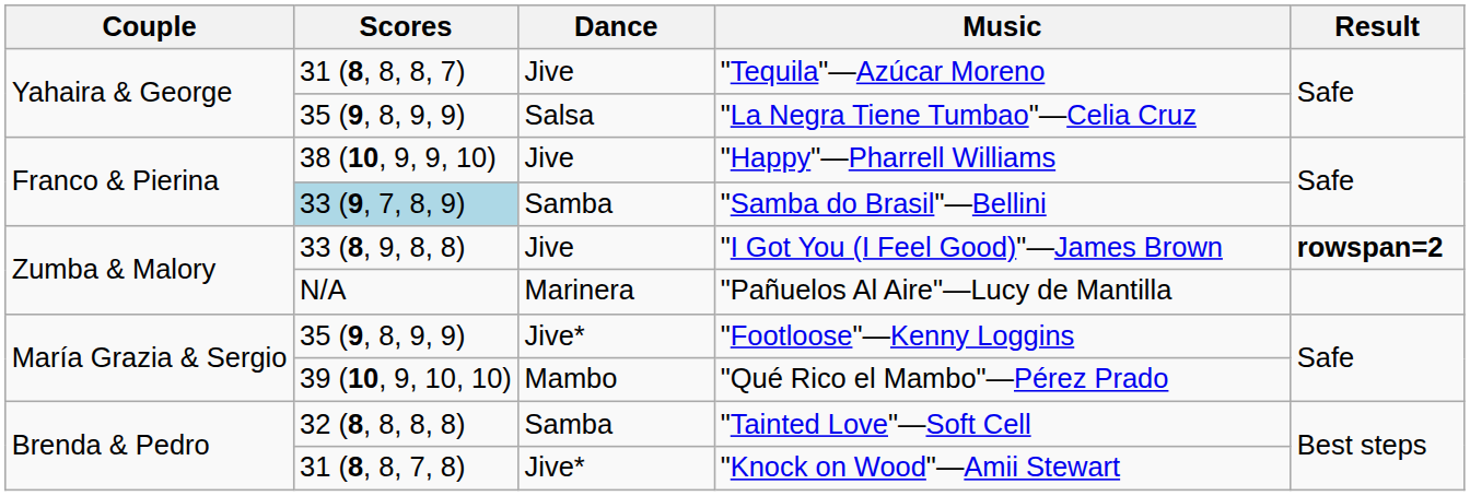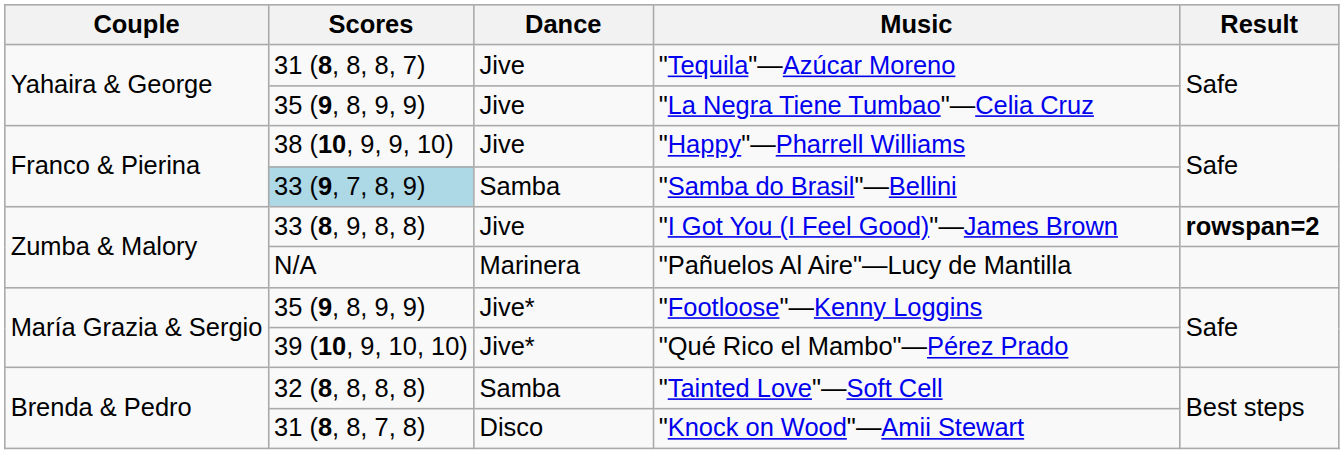 <table class="wikitable sortable" style="width:95%; white-space:nowrap">
 <tr>
 <th style="width:15%;">Couple</th>
 <th style="width:14%;">Scores</th>
 <th style="width:14%;">Dance</th>
 <th style="width:40%;">Music</th>
 <th style="width:12%;">Result</th>
 </tr>
 <tr>
 <td rowspan=2>Yahaira & George</td>
 <td>31 (<strong>8</strong>, 8, 8, 7)</td>
 <td>Jive</td>
 <td>"<a href='#'>Tequila</a>"—<a href='#'>Azúcar Moreno</a></td>
 <td rowspan=2>Safe</td>
 </tr>
 <tr>
 <td>35 (<strong>9</strong>, 8, 9, 9)</td>
-<td>Salsa</td>
+<td>Jive</td>
 <td>"<a href='#'>La Negra Tiene Tumbao</a>"—<a href='#'>Celia Cruz</a></td>
 </tr>
 <tr>
 <td rowspan=2>Franco & Pierina</td>
 <td>38 (<strong>10</strong>, 9, 9, 10)</td>
 <td>Jive</td>
 <td>"<a href='#'>Happy</a>"—<a href='#'>Pharrell Williams</a></td>
 <td rowspan=2>Safe</td>
 </tr>
 <tr>
 <td style="background: lightblue;">33 (<strong>9</strong>, 7, 8, 9)</td>
 <td>Samba</td>
 <td>"<a href='#'>Samba do Brasil</a>"—<a href='#'>Bellini</a></td>
 </tr>
 <tr>
 <td rowspan=2>Zumba & Malory</td>
 <td>33 (<strong>8</strong>, 9, 8, 8)</td>
 <td>Jive</td>
 <td>"<a href='#'>I Got You (I Feel Good)</a>"—<a href='#'>James Brown</a></td>
 <td><strong>rowspan=2 </strong></td>
 </tr>
 <tr>
 <td>N/A</td>
 <td>Marinera</td>
 <td>"Pañuelos Al Aire"—Lucy de Mantilla</td>
 </tr>
 <tr>
 <td rowspan=2>María Grazia & Sergio</td>
 <td>35 (<strong>9</strong>, 8, 9, 9)</td>
 <td>Jive*</td>
 <td>"<a href='#'>Footloose</a>"—<a href='#'>Kenny Loggins</a></td>
 <td rowspan=2>Safe</td>
 </tr>
 <tr>
 <td>39 (<strong>10</strong>, 9, 10, 10)</td>
-<td>Mambo</td>
+<td>Jive*</td>
 <td>"Qué Rico el Mambo"—<a href='#'>Pérez Prado</a></td>
 </tr>
 <tr>
 <td rowspan=2>Brenda & Pedro</td>
 <td>32 (<strong>8</strong>, 8, 8, 8)</td>
 <td>Samba</td>
 <td>"<a href='#'>Tainted Love</a>"—<a href='#'>Soft Cell</a></td>
 <td rowspan=2>Best steps</td>
 </tr>
 <tr>
 <td>31 (<strong>8</strong>, 8, 7, 8)</td>
-<td>Jive*</td>
+<td>Disco</td>
 <td>"<a href='#'>Knock on Wood</a>"—<a href='#'>Amii Stewart</a></td>
 </tr>
 </table>
